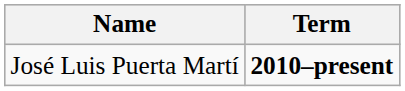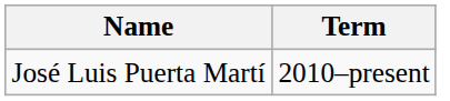 <table class="wikitable">
 <tr>
 <th>Name</th>
 <th>Term</th>
 </tr>
 <tr>
 <td>José Luis Puerta Martí</td>
-<td><strong>2010–present</strong></td>
+<td>2010–present</td>
 </tr>
 </table>
